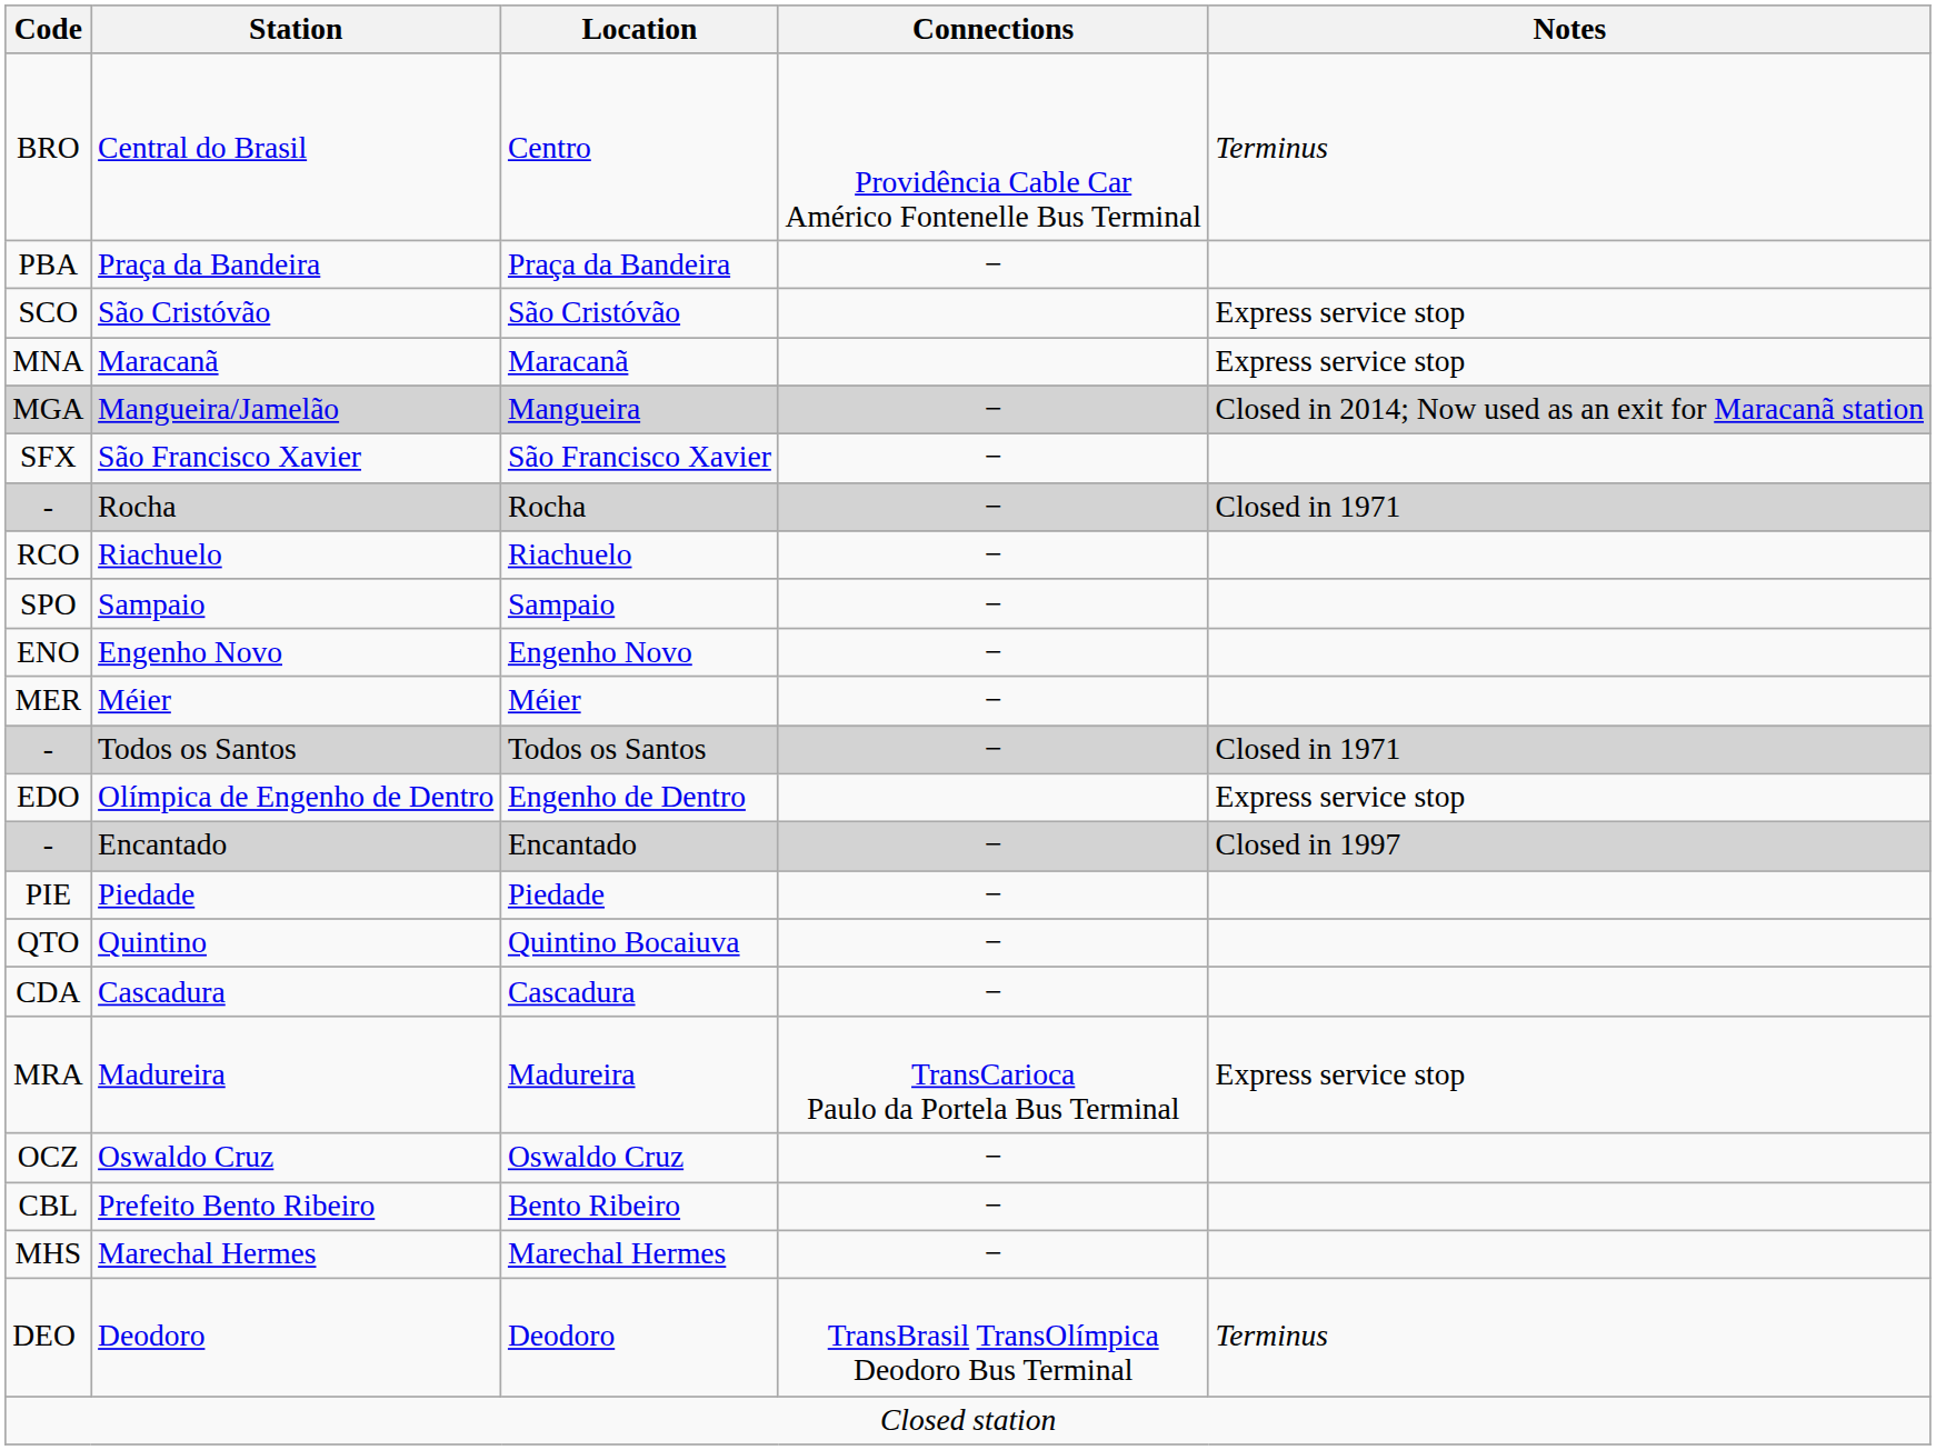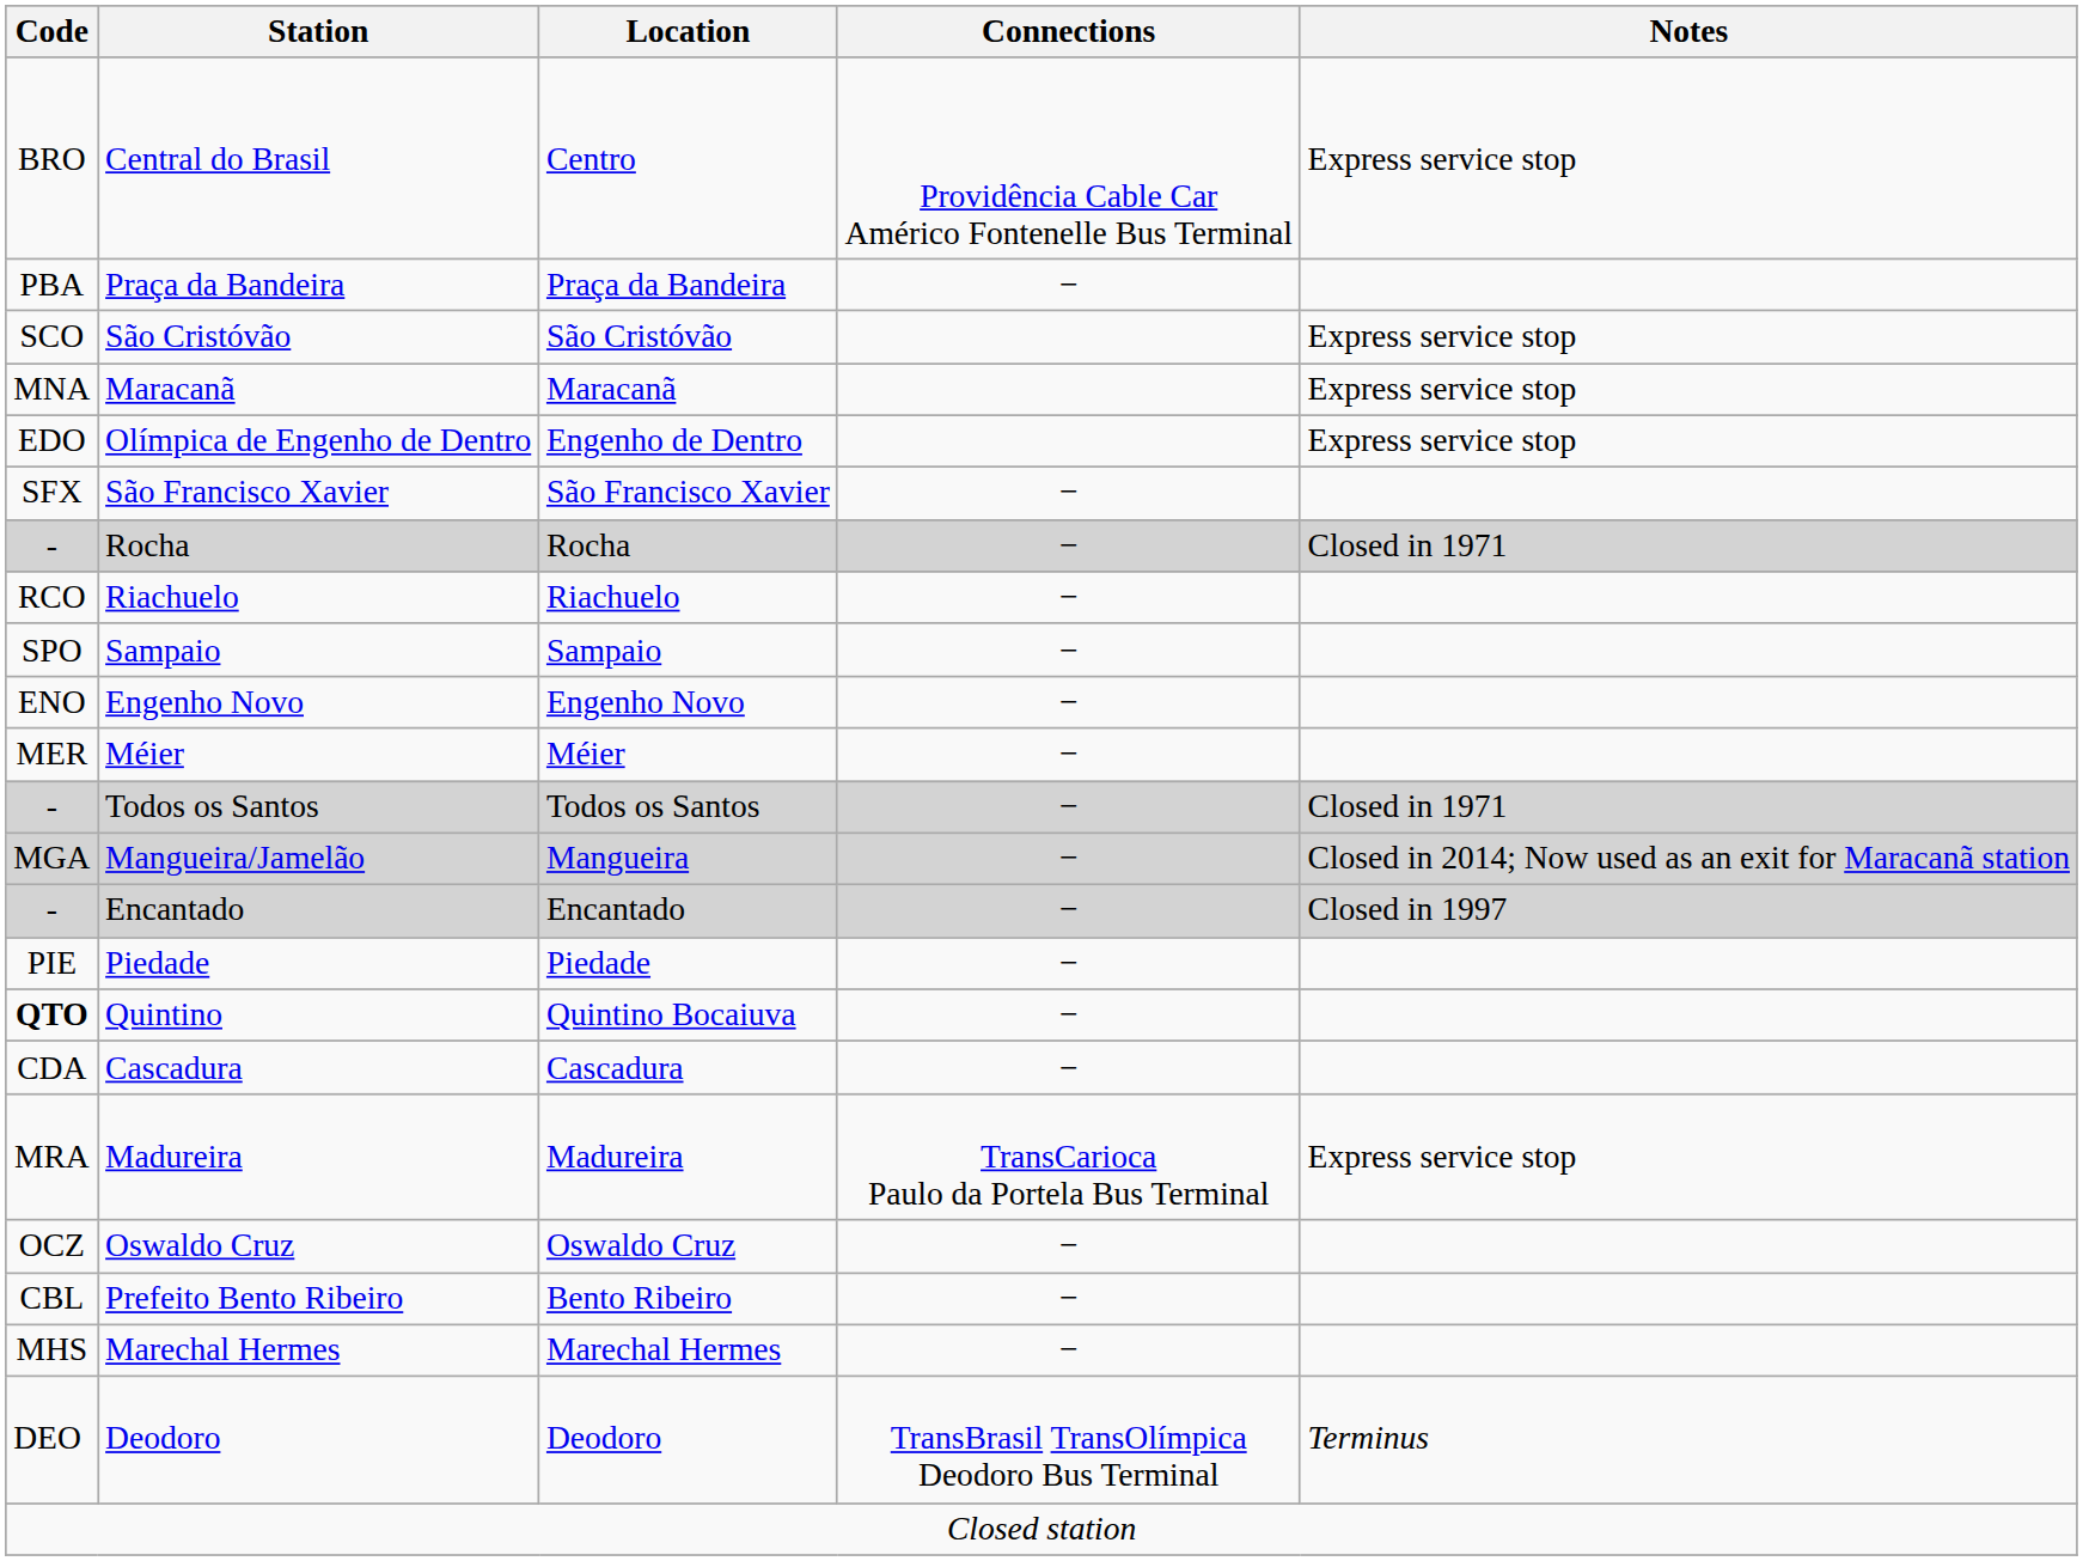 <table class="wikitable">
 <tr>
 <th style="text-align:center;">Code</th>
 <th style="text-align:center;">Station</th>
 <th style="text-align:center;">Location</th>
 <th style="text-align:center;">Connections</th>
 <th>Notes</th>
 </tr>
 <tr>
 <td style="text-align:center;">BRO</td>
 <td style="text-align:left;"><a href='#'>Central do Brasil</a></td>
 <td style="text-align:left;"><a href='#'>Centro</a></td>
 <td style="text-align:center;"> <strong></strong> <strong></strong> <strong></strong> <strong></strong><br>  <br>  <br> <a href='#'>Providência Cable Car</a><br> Américo Fontenelle Bus Terminal</td>
-<td><em>Terminus</em></td>
+<td>Express service stop</td>
 </tr>
 <tr>
 <td style="text-align:center;">PBA</td>
 <td style="text-align:left;"><a href='#'>Praça da Bandeira</a></td>
 <td style="text-align:left;"><a href='#'>Praça da Bandeira</a></td>
 <td style="text-align:center;">−</td>
 <td></td>
 </tr>
 <tr>
 <td style="text-align:center;">SCO</td>
 <td style="text-align:left;"><a href='#'>São Cristóvão</a></td>
 <td style="text-align:left;"><a href='#'>São Cristóvão</a></td>
 <td style="text-align:center;"> <strong></strong> <strong></strong> <strong></strong> <strong></strong><br>  </td>
 <td>Express service stop</td>
 </tr>
 <tr>
 <td style="text-align:center;">MNA</td>
 <td style="text-align:left;"><a href='#'>Maracanã</a></td>
 <td style="text-align:left;"><a href='#'>Maracanã</a></td>
 <td style="text-align:center;"> <strong></strong> <strong></strong> <strong></strong> <strong></strong><br>  </td>
 <td>Express service stop</td>
 </tr>
 <tr>
-<td bgcolor=lightgray>MGA</td>
-<td bgcolor=lightgray><a href='#'>Mangueira/Jamelão</a></td>
-<td bgcolor=lightgray><a href='#'>Mangueira</a></td>
-<td bgcolor=lightgray style="text-align:center;">−</td>
-<td bgcolor=lightgray>Closed in 2014; Now used as an exit for <a href='#'>Maracanã station</a></td>
+<td style="text-align:center;">EDO</td>
+<td style="text-align:left;"><a href='#'>Olímpica de Engenho de Dentro</a></td>
+<td style="text-align:left;"><a href='#'>Engenho de Dentro</a></td>
+<td style="text-align:center;"> <strong></strong> <strong></strong></td>
+<td>Express service stop</td>
 </tr>
 <tr>
 <td style="text-align:center;">SFX</td>
 <td style="text-align:left;"><a href='#'>São Francisco Xavier</a></td>
 <td style="text-align:left;"><a href='#'>São Francisco Xavier</a></td>
 <td style="text-align:center;">−</td>
 <td></td>
 </tr>
 <tr>
 <td bgcolor=lightgray style="text-align:center;">-</td>
 <td bgcolor=lightgray>Rocha</td>
 <td bgcolor=lightgray>Rocha</td>
 <td bgcolor=lightgray style="text-align:center;">−</td>
 <td bgcolor=lightgray>Closed in 1971</td>
 </tr>
 <tr>
 <td style="text-align:center;">RCO</td>
 <td style="text-align:left;"><a href='#'>Riachuelo</a></td>
 <td style="text-align:left;"><a href='#'>Riachuelo</a></td>
 <td style="text-align:center;">−</td>
 <td></td>
 </tr>
 <tr>
 <td style="text-align:center;">SPO</td>
 <td style="text-align:left;"><a href='#'>Sampaio</a></td>
 <td style="text-align:left;"><a href='#'>Sampaio</a></td>
 <td style="text-align:center;">−</td>
 <td></td>
 </tr>
 <tr>
 <td style="text-align:center;">ENO</td>
 <td style="text-align:left;"><a href='#'>Engenho Novo</a></td>
 <td style="text-align:left;"><a href='#'>Engenho Novo</a></td>
 <td style="text-align:center;">−</td>
 <td></td>
 </tr>
 <tr>
 <td style="text-align:center;">MER</td>
 <td style="text-align:left;"><a href='#'>Méier</a></td>
 <td style="text-align:left;"><a href='#'>Méier</a></td>
 <td style="text-align:center;">−</td>
 <td></td>
 </tr>
 <tr>
 <td bgcolor=lightgray style="text-align:center;">-</td>
 <td bgcolor=lightgray>Todos os Santos</td>
 <td bgcolor=lightgray>Todos os Santos</td>
 <td bgcolor=lightgray style="text-align:center;">−</td>
 <td bgcolor=lightgray>Closed in 1971</td>
 </tr>
 <tr>
-<td style="text-align:center;">EDO</td>
-<td style="text-align:left;"><a href='#'>Olímpica de Engenho de Dentro</a></td>
-<td style="text-align:left;"><a href='#'>Engenho de Dentro</a></td>
-<td style="text-align:center;"> <strong></strong> <strong></strong></td>
-<td>Express service stop</td>
+<td bgcolor=lightgray>MGA</td>
+<td bgcolor=lightgray><a href='#'>Mangueira/Jamelão</a></td>
+<td bgcolor=lightgray><a href='#'>Mangueira</a></td>
+<td bgcolor=lightgray style="text-align:center;">−</td>
+<td bgcolor=lightgray>Closed in 2014; Now used as an exit for <a href='#'>Maracanã station</a></td>
 </tr>
 <tr>
 <td bgcolor=lightgray style="text-align:center;">-</td>
 <td bgcolor=lightgray>Encantado</td>
 <td bgcolor=lightgray>Encantado</td>
 <td bgcolor=lightgray style="text-align:center;">−</td>
 <td bgcolor=lightgray>Closed in 1997</td>
 </tr>
 <tr>
 <td style="text-align:center;">PIE</td>
 <td style="text-align:left;"><a href='#'>Piedade</a></td>
 <td style="text-align:left;"><a href='#'>Piedade</a></td>
 <td style="text-align:center;">−</td>
 <td></td>
 </tr>
 <tr>
-<td style="text-align:center;">QTO</td>
+<td style="text-align:center;"><strong>QTO</strong></td>
 <td style="text-align:left;"><a href='#'>Quintino</a></td>
 <td style="text-align:left;"><a href='#'>Quintino Bocaiuva</a></td>
 <td style="text-align:center;">−</td>
 <td></td>
 </tr>
 <tr>
 <td style="text-align:center;">CDA</td>
 <td style="text-align:left;"><a href='#'>Cascadura</a></td>
 <td style="text-align:left;"><a href='#'>Cascadura</a></td>
 <td style="text-align:center;">−</td>
 <td></td>
 </tr>
 <tr>
 <td style="text-align:center;">MRA</td>
 <td style="text-align:left;"><a href='#'>Madureira</a></td>
 <td style="text-align:left;"><a href='#'>Madureira</a></td>
 <td style="text-align:center;"> <strong></strong> <strong></strong><br> <a href='#'>TransCarioca</a><br>Paulo da Portela Bus Terminal</td>
 <td>Express service stop</td>
 </tr>
 <tr>
 <td style="text-align:center;">OCZ</td>
 <td style="text-align:left;"><a href='#'>Oswaldo Cruz</a></td>
 <td style="text-align:left;"><a href='#'>Oswaldo Cruz</a></td>
 <td style="text-align:center;">−</td>
 <td></td>
 </tr>
 <tr>
 <td style="text-align:center;">CBL</td>
 <td style="text-align:left;"><a href='#'>Prefeito Bento Ribeiro</a></td>
 <td style="text-align:left;"><a href='#'>Bento Ribeiro</a></td>
 <td style="text-align:center;">−</td>
 <td></td>
 </tr>
 <tr>
 <td style="text-align:center;">MHS</td>
 <td style="text-align:left;"><a href='#'>Marechal Hermes</a></td>
 <td style="text-align:left;"><a href='#'>Marechal Hermes</a></td>
 <td style="text-align:center;">−</td>
 <td></td>
 </tr>
 <tr>
 <td style="text-align:left;">DEO</td>
 <td style="text-align:left;"><a href='#'>Deodoro</a></td>
 <td style="text-align:left;"><a href='#'>Deodoro</a></td>
 <td style="text-align:center;"> <strong></strong> <strong></strong><br><a href='#'>TransBrasil</a> <a href='#'>TransOlímpica</a><br>Deodoro Bus Terminal</td>
 <td><em>Terminus</em></td>
 </tr>
 <tr>
 <td colspan="5" align="center"><em> Closed station</em></td>
 </tr>
 </table>
